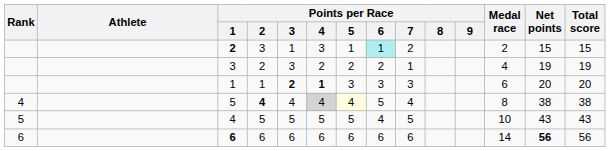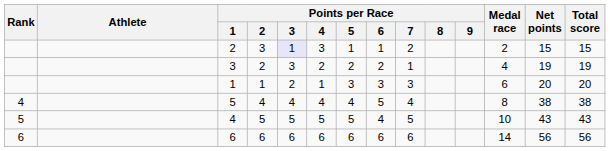 <table | class="wikitable Sortable" style="text-align:center">
 <tr>
 <th rowspan="2" width=40>Rank</th>
 <th rowspan="2" width=250>Athlete</th>
 <th colspan="9">Points per Race</th>
 <th rowspan="2" width=50>Medal race</th>
 <th rowspan="2" width=50>Net points</th>
 <th rowspan="2" width=50>Total score</th>
 </tr>
 <tr>
 <th width=35>1</th>
 <th width=35>2</th>
 <th width=35>3</th>
 <th width=35>4</th>
 <th width=35>5</th>
 <th width=35>6</th>
 <th width=35>7</th>
 <th width=35>8</th>
 <th width=35>9</th>
 </tr>
 <tr>
 <td></td>
 <td align=left></td>
-<td><strong>2</strong></td>
+<td>2</td>
+<td>3</td>
+<td style="background: lavender;">1</td>
 <td>3</td>
 <td>1</td>
-<td>3</td>
 <td>1</td>
-<td style="background: paleturquoise;">1</td>
 <td>2</td>
 <td></td>
 <td></td>
 <td>2</td>
 <td>15</td>
 <td>15</td>
 </tr>
 <tr>
 <td></td>
 <td align=left></td>
 <td>3</td>
 <td>2</td>
 <td>3</td>
 <td>2</td>
 <td>2</td>
 <td>2</td>
 <td>1</td>
 <td></td>
 <td></td>
 <td>4</td>
 <td>19</td>
 <td>19</td>
 </tr>
 <tr>
 <td></td>
 <td align=left></td>
 <td>1</td>
 <td>1</td>
-<td><strong>2</strong></td>
-<td><strong>1</strong></td>
+<td>2</td>
+<td>1</td>
 <td>3</td>
 <td>3</td>
 <td>3</td>
 <td></td>
 <td></td>
 <td>6</td>
 <td>20</td>
 <td>20</td>
 </tr>
 <tr>
 <td>4</td>
 <td align=left></td>
 <td>5</td>
-<td><strong>4</strong></td>
 <td>4</td>
-<td style="background: lightgrey;">4</td>
-<td style="background: lightyellow;">4</td>
+<td>4</td>
+<td>4</td>
+<td>4</td>
 <td>5</td>
 <td>4</td>
 <td></td>
 <td></td>
 <td>8</td>
 <td>38</td>
 <td>38</td>
 </tr>
 <tr>
 <td>5</td>
 <td align=left></td>
 <td>4</td>
 <td>5</td>
 <td>5</td>
 <td>5</td>
 <td>5</td>
 <td>4</td>
 <td>5</td>
 <td></td>
 <td></td>
 <td>10</td>
 <td>43</td>
 <td>43</td>
 </tr>
 <tr>
 <td>6</td>
 <td align=left></td>
-<td><strong>6</strong></td>
+<td>6</td>
 <td>6</td>
 <td>6</td>
 <td>6</td>
 <td>6</td>
 <td>6</td>
 <td>6</td>
 <td></td>
 <td></td>
 <td>14</td>
-<td><strong>56</strong></td>
+<td>56</td>
 <td>56</td>
 </tr>
 </table>
